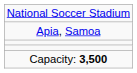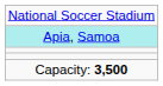 <table class=wikitable style="margin:0.5em auto; text-align:center;">
 <tr>
 <td><a href='#'>National Soccer Stadium</a></td>
 </tr>
 <tr>
-<td> <a href='#'>Apia</a>, <a href='#'>Samoa</a></td>
+<td style="background: paleturquoise;"> <a href='#'>Apia</a>, <a href='#'>Samoa</a></td>
 </tr>
 <tr>
 <td></td>
 </tr>
 <tr>
 <td><small></small></td>
 </tr>
 <tr>
 <td>Capacity: <strong>3,500</strong></td>
 </tr>
 </table>
